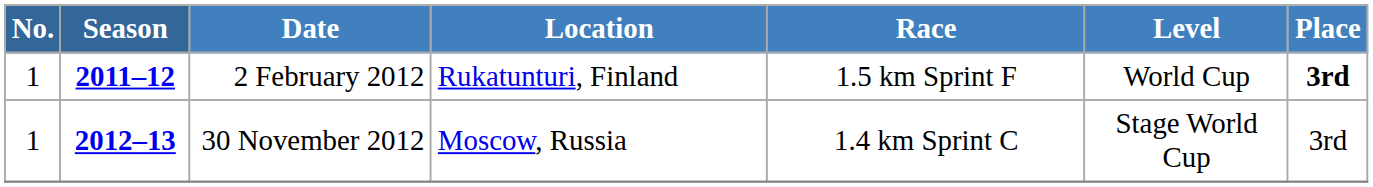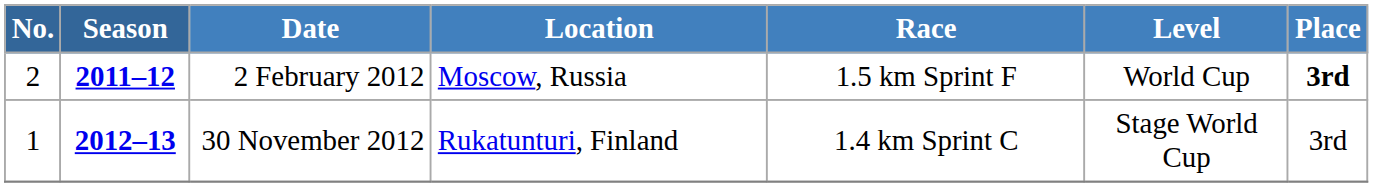 <table class="wikitable sortable" style="font-size:95%; text-align:center; border:grey solid 1px; border-collapse:collapse; background:#ffffff;">
 <tr style="background:#efefef;">
 <th style="background-color:#369; color:white;">No.</th>
 <th style="background-color:#369; color:white;">Season</th>
 <th style="background-color:#4180be; color:white; width:120px;">Date</th>
 <th style="background-color:#4180be; color:white; width:170px;">Location</th>
 <th style="background-color:#4180be; color:white; width:160px;">Race</th>
 <th style="background-color:#4180be; color:white; width:100px;">Level</th>
 <th style="background-color:#4180be; color:white;">Place</th>
 </tr>
 <tr>
-<td align=center>1</td>
+<td align=center>2</td>
 <td rowspan=1 align=center><strong> <a href='#'>2011–12</a> </strong></td>
 <td align=right>2 February 2012</td>
-<td align=left> <a href='#'>Rukatunturi</a>, Finland</td>
+<td align=left> <a href='#'>Moscow</a>, Russia</td>
 <td>1.5 km Sprint F</td>
 <td>World Cup</td>
 <td><strong>3rd</strong></td>
 </tr>
 <tr>
 <td align=center>1</td>
 <td rowspan=1 align=center><strong> <a href='#'>2012–13</a> </strong></td>
 <td align=right>30 November 2012</td>
-<td align=left> <a href='#'>Moscow</a>, Russia</td>
+<td align=left> <a href='#'>Rukatunturi</a>, Finland</td>
 <td>1.4 km Sprint C</td>
 <td>Stage World Cup</td>
 <td>3rd</td>
 </tr>
 <tr>
 </tr>
 </table>
